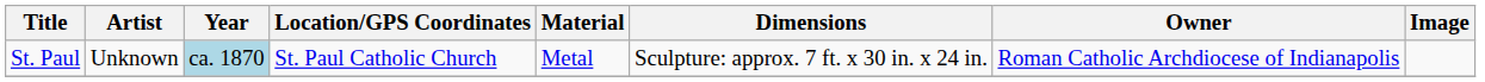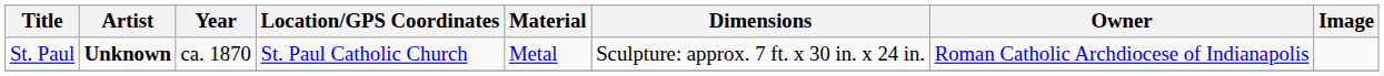 <table class="wikitable sortable">
 <tr>
 <th>Title</th>
 <th>Artist</th>
 <th>Year</th>
 <th>Location/GPS Coordinates</th>
 <th>Material</th>
 <th>Dimensions</th>
 <th>Owner</th>
 <th>Image</th>
 </tr>
 <tr>
 <td><a href='#'>St. Paul</a></td>
-<td>Unknown</td>
-<td style="background: lightblue;">ca. 1870</td>
+<td><strong>Unknown</strong></td>
+<td>ca. 1870</td>
 <td><a href='#'>St. Paul Catholic Church</a></td>
 <td><a href='#'>Metal</a></td>
 <td>Sculpture: approx. 7 ft. x 30 in. x 24 in.</td>
 <td><a href='#'>Roman Catholic Archdiocese of Indianapolis</a></td>
 <td></td>
 </tr>
 <tr>
 </tr>
 </table>
